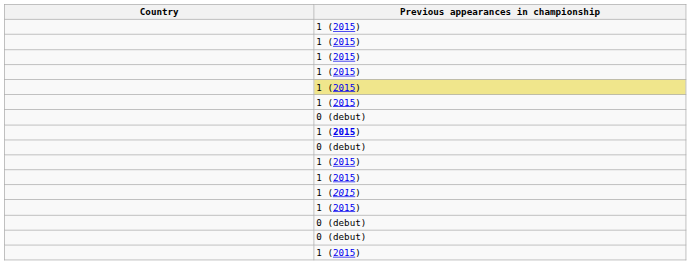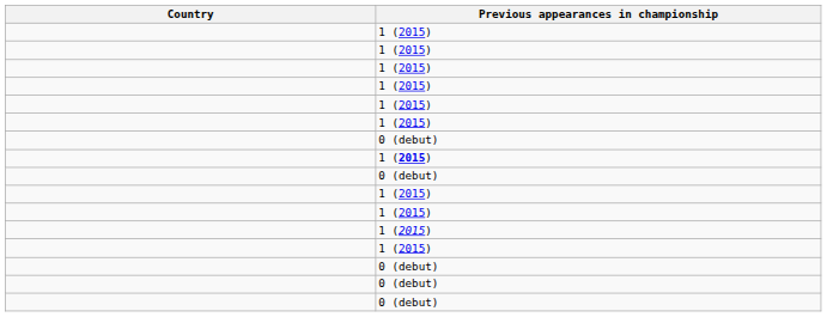 <table class="wikitable sortable">
 <tr>
 <th width=25%>Country</th>
 <th width=30%>Previous appearances in championship</th>
 </tr>
 <tr>
 <td></td>
 <td>1 (<a href='#'>2015</a>)</td>
 </tr>
 <tr>
 <td></td>
 <td>1 (<a href='#'>2015</a>)</td>
 </tr>
 <tr>
 <td></td>
 <td>1 (<a href='#'>2015</a>)</td>
 </tr>
 <tr>
 <td></td>
 <td>1 (<a href='#'>2015</a>)</td>
 </tr>
 <tr>
 <td></td>
-<td style="background: khaki;">1 (<a href='#'>2015</a>)</td>
+<td>1 (<a href='#'>2015</a>)</td>
 </tr>
 <tr>
 <td></td>
 <td>1 (<a href='#'>2015</a>)</td>
 </tr>
 <tr>
 <td></td>
 <td>0 (debut)</td>
 </tr>
 <tr>
 <td></td>
 <td>1 (<strong><a href='#'>2015</a></strong>)</td>
 </tr>
 <tr>
 <td></td>
 <td>0 (debut)</td>
 </tr>
 <tr>
 <td></td>
 <td>1 (<a href='#'>2015</a>)</td>
 </tr>
 <tr>
 <td></td>
 <td>1 (<a href='#'>2015</a>)</td>
 </tr>
 <tr>
 <td></td>
 <td>1 (<em><a href='#'>2015</a></em>)</td>
 </tr>
 <tr>
 <td></td>
 <td>1 (<a href='#'>2015</a>)</td>
 </tr>
 <tr>
 <td></td>
 <td>0 (debut)</td>
 </tr>
 <tr>
 <td></td>
 <td>0 (debut)</td>
 </tr>
 <tr>
 <td></td>
-<td>1 (<a href='#'>2015</a>)</td>
+<td>0 (debut)</td>
 </tr>
 </table>
